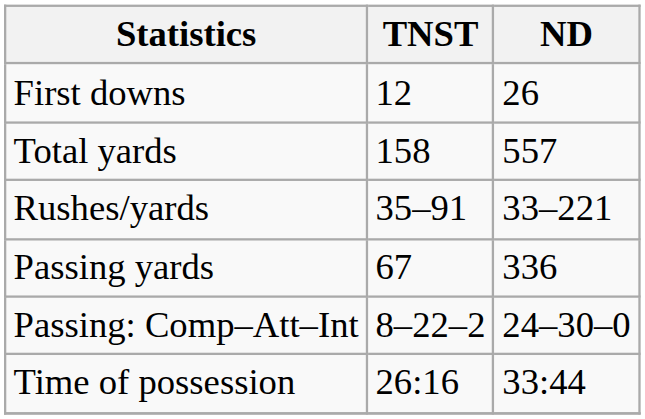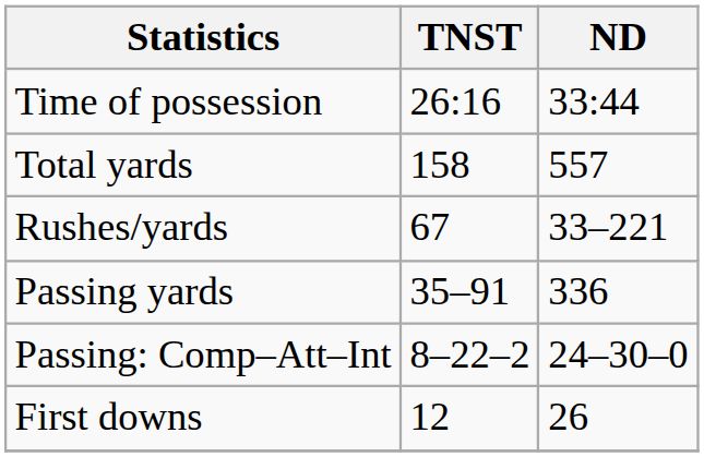 <table class="wikitable" style="float: left;">
 <tr>
 <th>Statistics</th>
 <th>TNST</th>
 <th>ND</th>
 </tr>
 <tr>
-<td>First downs</td>
-<td>12</td>
-<td>26</td>
+<td>Time of possession</td>
+<td>26:16</td>
+<td>33:44</td>
 </tr>
 <tr>
 <td>Total yards</td>
 <td>158</td>
 <td>557</td>
 </tr>
 <tr>
 <td>Rushes/yards</td>
-<td>35–91</td>
+<td>67</td>
 <td>33–221</td>
 </tr>
 <tr>
 <td>Passing yards</td>
-<td>67</td>
+<td>35–91</td>
 <td>336</td>
 </tr>
 <tr>
 <td>Passing: Comp–Att–Int</td>
 <td>8–22–2</td>
 <td>24–30–0</td>
 </tr>
 <tr>
-<td>Time of possession</td>
-<td>26:16</td>
-<td>33:44</td>
+<td>First downs</td>
+<td>12</td>
+<td>26</td>
 </tr>
 <tr>
 </tr>
 </table>
